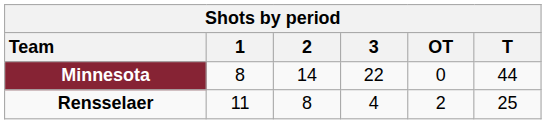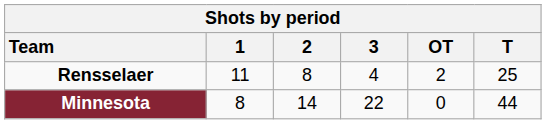 <table class="wikitable" style="width:30em; text-align:right;">
 <tr>
 <th colspan=6>Shots by period</th>
 </tr>
 <tr>
 <th style="width:10em; text-align:left;">Team</th>
 <th style="width:3em;">1</th>
 <th style="width:3em;">2</th>
 <th style="width:3em;">3</th>
 <th style="width:3em;">OT</th>
 <th style="width:3em;">T</th>
 </tr>
 <tr>
+<td align=center><strong>Rensselaer</strong></td>
+<td align=center>11</td>
+<td align=center>8</td>
+<td align=center>4</td>
+<td align=center>2</td>
+<td align=center>25</td>
+</tr>
+<tr>
 <td align=center style="color:white; background:#862334; "><strong>Minnesota</strong></td>
 <td align=center>8</td>
 <td align=center>14</td>
 <td align=center>22</td>
 <td align=center>0</td>
 <td align=center>44</td>
 </tr>
-<tr>
-<td align=center><strong>Rensselaer</strong></td>
-<td align=center>11</td>
-<td align=center>8</td>
-<td align=center>4</td>
-<td align=center>2</td>
-<td align=center>25</td>
-</tr>
 </table>
